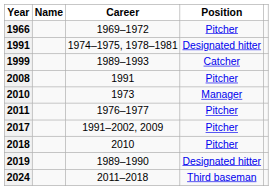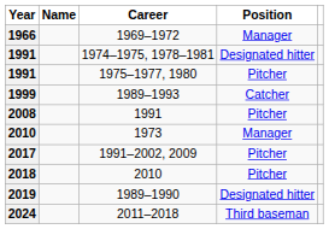 <table class="wikitable sortable plainrowheaders" style="text-align:center">
 <tr>
 <th scope="col" style="background-color:#ffffff; border-top:#">Year</th>
 <th scope="col" style="background-color:#ffffff; border-top:#">Name</th>
 <th scope="col" style="background-color:#ffffff; border-top:#">Career</th>
 <th scope="col" style="background-color:#ffffff; border-top:#">Position</th>
 <th scope="col" class="unsortable" style="background-color:#ffffff; border-top:#"></th>
 </tr>
 <tr>
 <th scope="row" style="text-align:center">1966</th>
 <td></td>
 <td>1969–1972</td>
-<td><a href='#'>Pitcher</a></td>
+<td><a href='#'>Manager</a></td>
 <td></td>
 </tr>
 <tr>
 <th scope="row" style="text-align:center">1991</th>
 <td></td>
 <td>1974–1975, 1978–1981</td>
 <td><a href='#'>Designated hitter</a></td>
+<td></td>
+</tr>
+<tr>
+<th scope="row" style="text-align:center">1991</th>
+<td></td>
+<td>1975–1977, 1980</td>
+<td><a href='#'>Pitcher</a></td>
 <td></td>
 </tr>
 <tr>
 <th scope="row" style="text-align:center">1999</th>
 <td></td>
 <td>1989–1993</td>
 <td><a href='#'>Catcher</a></td>
 <td></td>
 </tr>
 <tr>
 <th scope="row" style="text-align:center">2008</th>
 <td></td>
 <td>1991</td>
 <td><a href='#'>Pitcher</a></td>
 <td></td>
 </tr>
 <tr>
 <th scope="row" style="text-align:center">2010</th>
 <td></td>
 <td>1973</td>
 <td><a href='#'>Manager</a></td>
-<td></td>
-</tr>
-<tr>
-<th scope="row" style="text-align:center">2011</th>
-<td></td>
-<td>1976–1977</td>
-<td><a href='#'>Pitcher</a></td>
 <td></td>
 </tr>
 <tr>
 <th scope="row" style="text-align:center">2017</th>
 <td></td>
 <td>1991–2002, 2009</td>
 <td><a href='#'>Pitcher</a></td>
 <td></td>
 </tr>
 <tr>
 <th scope="row" style="text-align:center">2018</th>
 <td></td>
 <td>2010</td>
 <td><a href='#'>Pitcher</a></td>
 <td></td>
 </tr>
 <tr>
 <th scope="row" style="text-align:center">2019</th>
 <td></td>
 <td>1989–1990</td>
 <td><a href='#'>Designated hitter</a></td>
 <td></td>
 </tr>
 <tr>
 <th scope="row" style="text-align:center">2024</th>
 <td></td>
 <td>2011–2018</td>
 <td><a href='#'>Third baseman</a></td>
 <td></td>
 </tr>
 </table>
